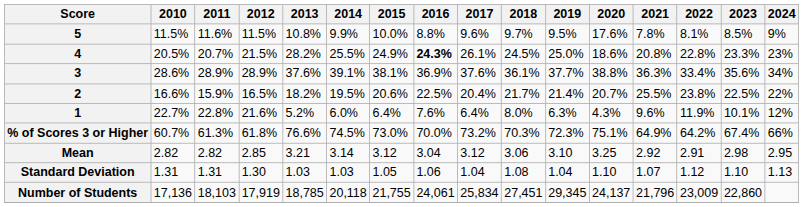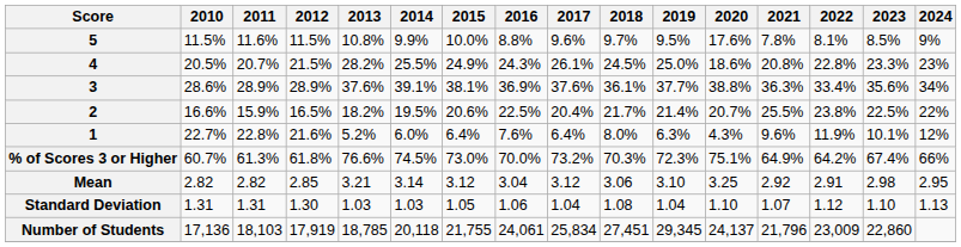 <table class="wikitable">
 <tr>
 <th>Score</th>
 <th>2010</th>
 <th>2011</th>
 <th>2012</th>
 <th>2013</th>
 <th>2014</th>
 <th>2015</th>
 <th>2016</th>
 <th>2017</th>
 <th>2018</th>
 <th>2019</th>
 <th>2020</th>
 <th>2021</th>
 <th>2022</th>
 <th>2023</th>
 <th>2024</th>
 </tr>
 <tr>
 <th>5</th>
 <td>11.5%</td>
 <td>11.6%</td>
 <td>11.5%</td>
 <td>10.8%</td>
 <td>9.9%</td>
 <td>10.0%</td>
 <td>8.8%</td>
 <td>9.6%</td>
 <td>9.7%</td>
 <td>9.5%</td>
 <td>17.6%</td>
 <td>7.8%</td>
 <td>8.1%</td>
 <td>8.5%</td>
 <td>9%</td>
 </tr>
 <tr>
 <th>4</th>
 <td>20.5%</td>
 <td>20.7%</td>
 <td>21.5%</td>
 <td>28.2%</td>
 <td>25.5%</td>
 <td>24.9%</td>
-<td><strong>24.3%</strong></td>
+<td>24.3%</td>
 <td>26.1%</td>
 <td>24.5%</td>
 <td>25.0%</td>
 <td>18.6%</td>
 <td>20.8%</td>
 <td>22.8%</td>
 <td>23.3%</td>
 <td>23%</td>
 </tr>
 <tr>
 <th>3</th>
 <td>28.6%</td>
 <td>28.9%</td>
 <td>28.9%</td>
 <td>37.6%</td>
 <td>39.1%</td>
 <td>38.1%</td>
 <td>36.9%</td>
 <td>37.6%</td>
 <td>36.1%</td>
 <td>37.7%</td>
 <td>38.8%</td>
 <td>36.3%</td>
 <td>33.4%</td>
 <td>35.6%</td>
 <td>34%</td>
 </tr>
 <tr>
 <th>2</th>
 <td>16.6%</td>
 <td>15.9%</td>
 <td>16.5%</td>
 <td>18.2%</td>
 <td>19.5%</td>
 <td>20.6%</td>
 <td>22.5%</td>
 <td>20.4%</td>
 <td>21.7%</td>
 <td>21.4%</td>
 <td>20.7%</td>
 <td>25.5%</td>
 <td>23.8%</td>
 <td>22.5%</td>
 <td>22%</td>
 </tr>
 <tr>
 <th>1</th>
 <td>22.7%</td>
 <td>22.8%</td>
 <td>21.6%</td>
 <td>5.2%</td>
 <td>6.0%</td>
 <td>6.4%</td>
 <td>7.6%</td>
 <td>6.4%</td>
 <td>8.0%</td>
 <td>6.3%</td>
 <td>4.3%</td>
 <td>9.6%</td>
 <td>11.9%</td>
 <td>10.1%</td>
 <td>12%</td>
 </tr>
 <tr>
 <th>% of Scores 3 or Higher</th>
 <td>60.7%</td>
 <td>61.3%</td>
 <td>61.8%</td>
 <td>76.6%</td>
 <td>74.5%</td>
 <td>73.0%</td>
 <td>70.0%</td>
 <td>73.2%</td>
 <td>70.3%</td>
 <td>72.3%</td>
 <td>75.1%</td>
 <td>64.9%</td>
 <td>64.2%</td>
 <td>67.4%</td>
 <td>66%</td>
 </tr>
 <tr>
 <th>Mean</th>
 <td>2.82</td>
 <td>2.82</td>
 <td>2.85</td>
 <td>3.21</td>
 <td>3.14</td>
 <td>3.12</td>
 <td>3.04</td>
 <td>3.12</td>
 <td>3.06</td>
 <td>3.10</td>
 <td>3.25</td>
 <td>2.92</td>
 <td>2.91</td>
 <td>2.98</td>
 <td>2.95</td>
 </tr>
 <tr>
 <th>Standard Deviation</th>
 <td>1.31</td>
 <td>1.31</td>
 <td>1.30</td>
 <td>1.03</td>
 <td>1.03</td>
 <td>1.05</td>
 <td>1.06</td>
 <td>1.04</td>
 <td>1.08</td>
 <td>1.04</td>
 <td>1.10</td>
 <td>1.07</td>
 <td>1.12</td>
 <td>1.10</td>
 <td>1.13</td>
 </tr>
 <tr>
 <th>Number of Students</th>
 <td>17,136</td>
 <td>18,103</td>
 <td>17,919</td>
 <td>18,785</td>
 <td>20,118</td>
 <td>21,755</td>
 <td>24,061</td>
 <td>25,834</td>
 <td>27,451</td>
 <td>29,345</td>
 <td>24,137</td>
 <td>21,796</td>
 <td>23,009</td>
 <td>22,860</td>
 <td></td>
 </tr>
 <tr>
 </tr>
 </table>
